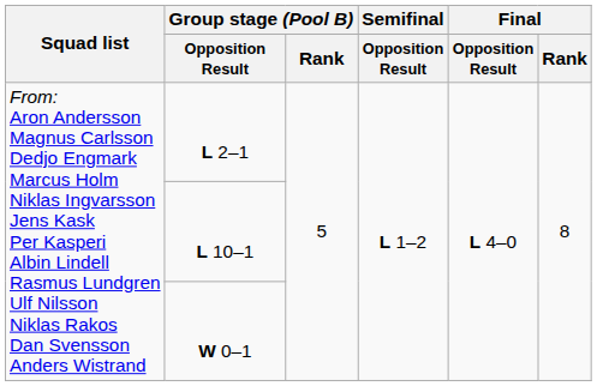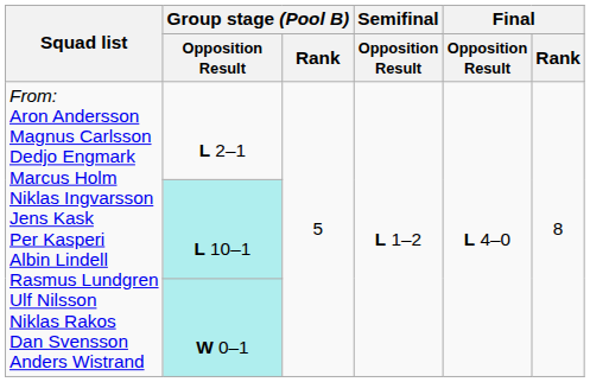 <table class=wikitable style="font-size:100%">
 <tr>
 <th rowspan="2">Squad list</th>
 <th colspan="2">Group stage <em>(Pool B)</em></th>
 <th>Semifinal</th>
 <th colspan="2">Final</th>
 </tr>
 <tr>
 <th style="line-height:1em"><small>Opposition<br>Result</small></th>
 <th>Rank</th>
 <th style="line-height:1em"><small>Opposition<br>Result</small></th>
 <th style="line-height:1em"><small>Opposition<br>Result</small></th>
 <th>Rank</th>
 </tr>
 <tr>
 <td rowspan="3"><em>From:</em><br><a href='#'>Aron Andersson</a> <br><a href='#'>Magnus Carlsson</a> <br><a href='#'>Dedjo Engmark</a> <br><a href='#'>Marcus Holm</a> <br><a href='#'>Niklas Ingvarsson</a> <br><a href='#'>Jens Kask</a> <br><a href='#'>Per Kasperi</a> <br><a href='#'>Albin Lindell</a> <br><a href='#'>Rasmus Lundgren</a> <br><a href='#'>Ulf Nilsson</a> <br><a href='#'>Niklas Rakos</a> <br><a href='#'>Dan Svensson</a> <br><a href='#'>Anders Wistrand</a></td>
 <td align="center"> <br><br><strong>L</strong> 2–1</td>
 <td rowspan="3" align="center">5</td>
 <td rowspan="3" align="center"><br><strong>L</strong> 1–2</td>
 <td rowspan="3" align="center"><br><strong>L</strong> 4–0</td>
 <td rowspan="3" align="center">8</td>
 </tr>
 <tr>
-<td align="center"> <br><br><strong>L</strong> 10–1</td>
+<td align="center" style="background: paleturquoise;"> <br><br><strong>L</strong> 10–1</td>
 </tr>
 <tr>
-<td align="center"> <br><br><strong>W</strong> 0–1</td>
+<td align="center" style="background: paleturquoise;"> <br><br><strong>W</strong> 0–1</td>
 </tr>
 </table>
